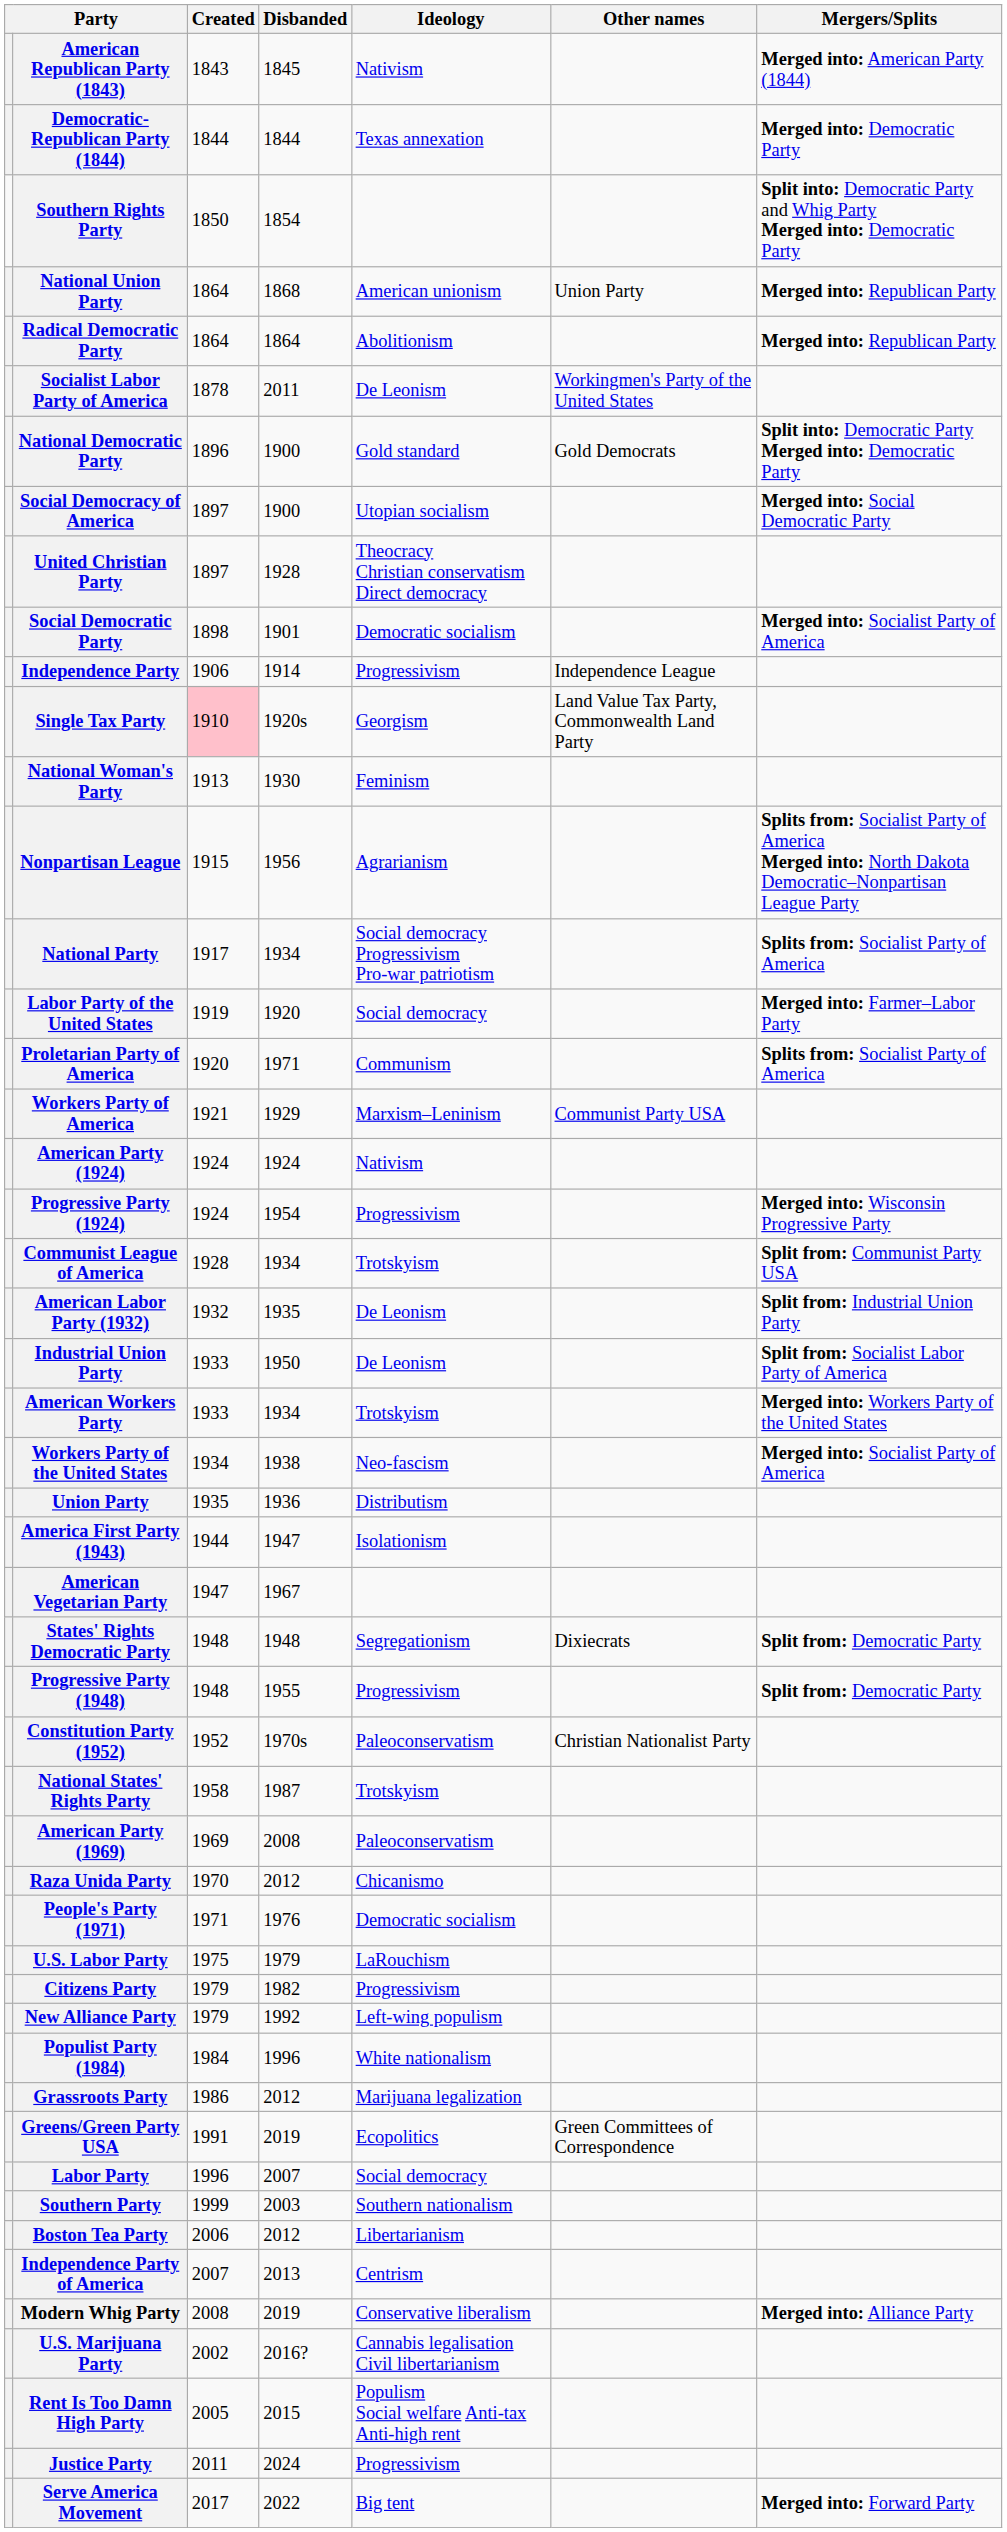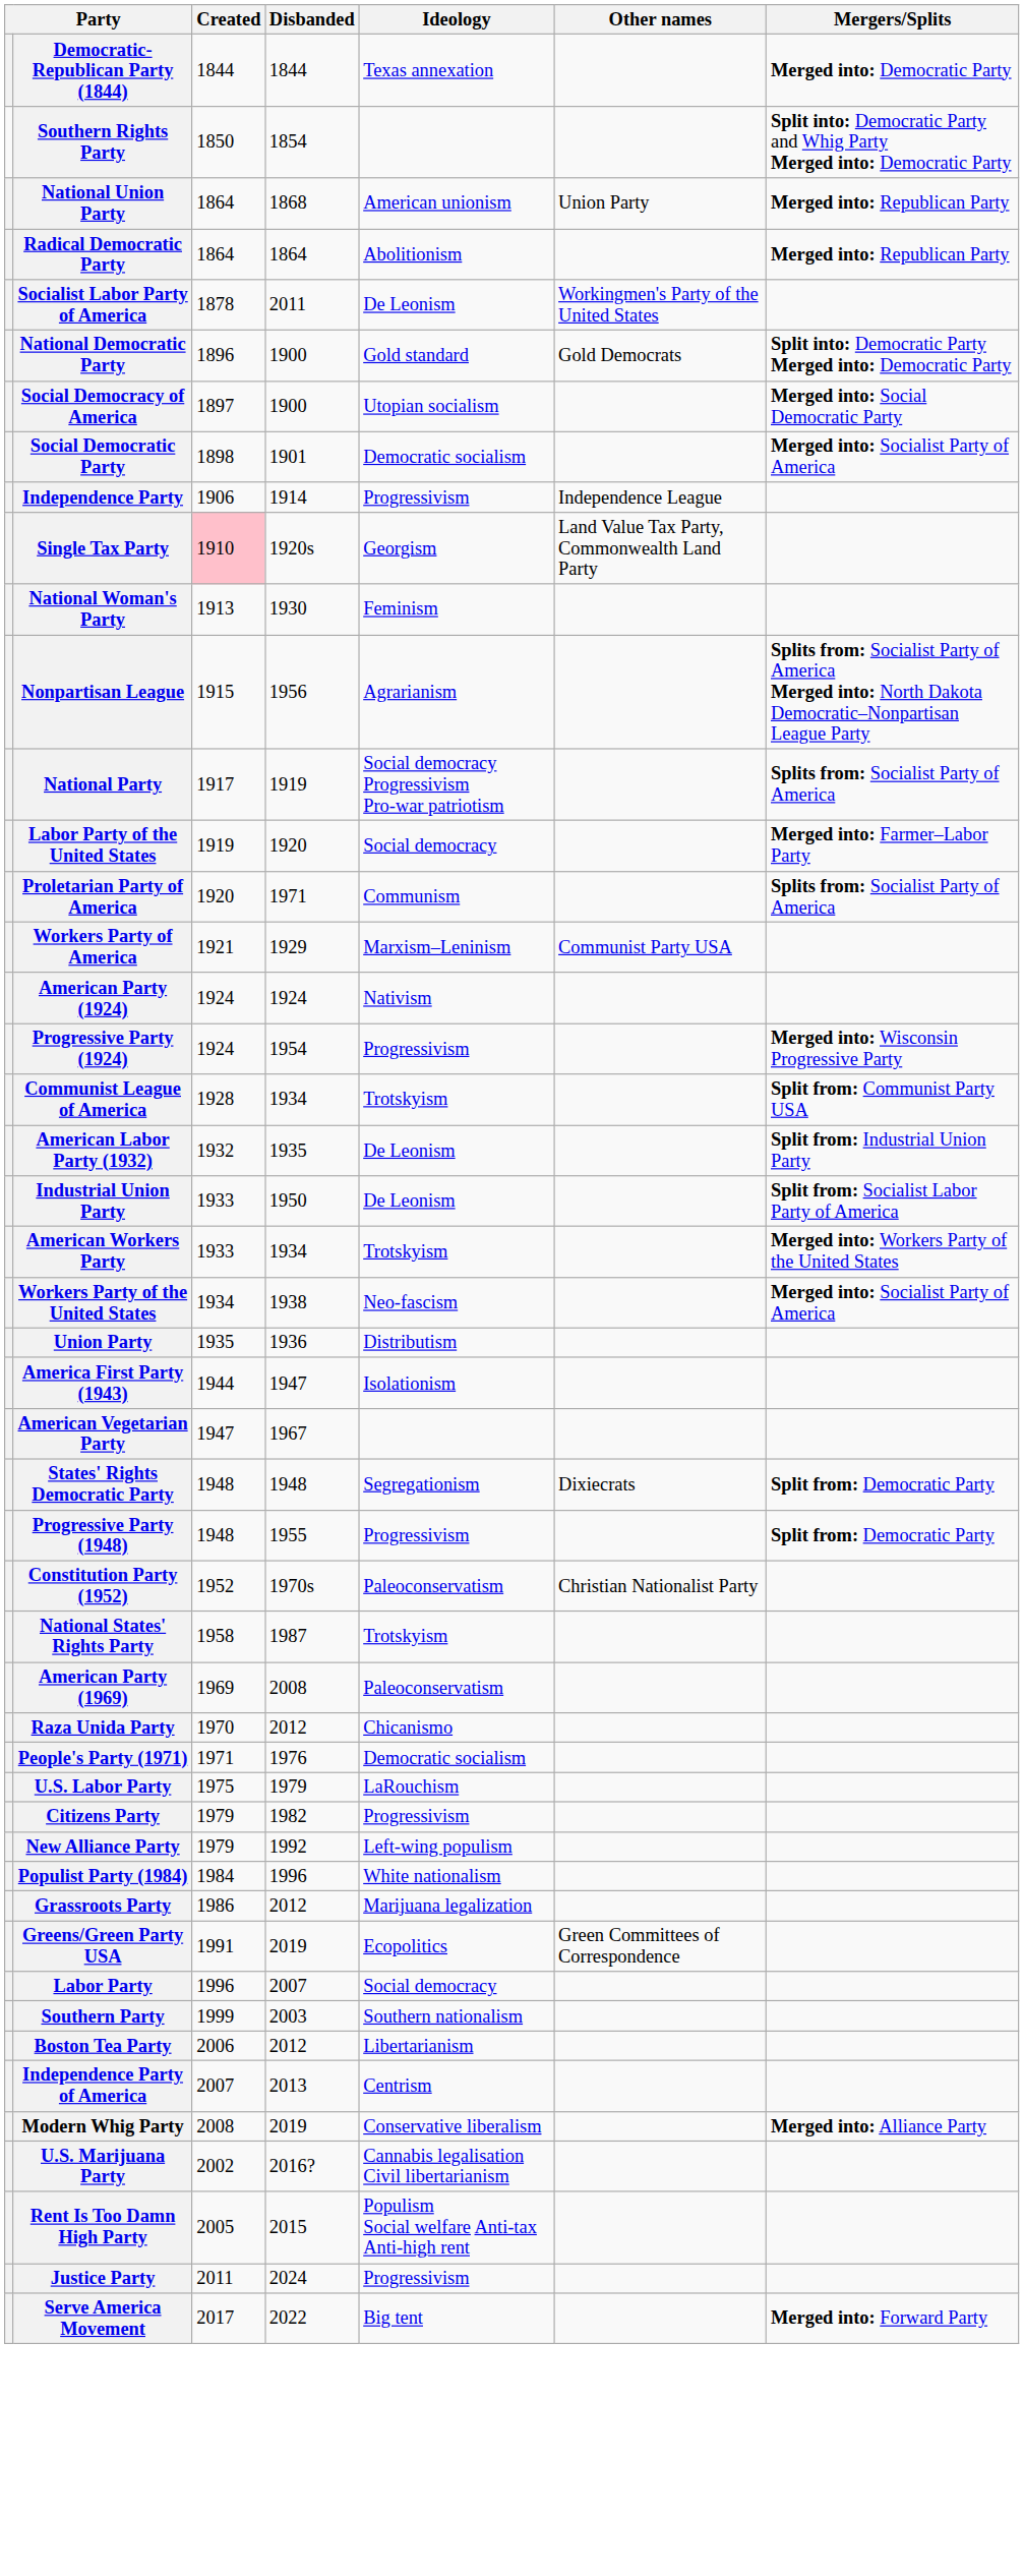 <table class="wikitable sortable plainrowheaders">
 <tr>
 <th scope="col" colspan="2">Party</th>
 <th scope="col">Created</th>
 <th scope="col">Disbanded</th>
 <th scope="col">Ideology</th>
 <th scope="col">Other names</th>
 <th scope="col">Mergers/Splits</th>
-</tr>
-<tr>
-<th style="background-color:"></th>
-<th scope="row"><a href='#'>American Republican Party (1843)</a></th>
-<td>1843</td>
-<td>1845</td>
-<td><a href='#'>Nativism</a></td>
-<td></td>
-<td><strong>Merged into:</strong> <a href='#'>American Party (1844)</a></td>
 </tr>
 <tr>
 <th style="background-color:"></th>
 <th scope="row"><a href='#'>Democratic-Republican Party (1844)</a></th>
 <td>1844</td>
 <td>1844</td>
 <td><a href='#'>Texas annexation</a></td>
 <td></td>
 <td><strong>Merged into:</strong> <a href='#'>Democratic Party</a></td>
 </tr>
 <tr>
 <td style="background-color:"></td>
 <th scope="row"><a href='#'>Southern Rights Party</a></th>
 <td>1850</td>
 <td>1854</td>
 <td></td>
 <td></td>
 <td><strong>Split into:</strong> <a href='#'>Democratic Party</a> and <a href='#'>Whig Party</a><br><strong>Merged into:</strong> <a href='#'>Democratic Party</a></td>
 </tr>
 <tr>
 <th style="background-color:"></th>
 <th scope="row"><a href='#'>National Union Party</a></th>
 <td>1864</td>
 <td>1868</td>
 <td><a href='#'>American unionism</a></td>
 <td>Union Party</td>
 <td><strong>Merged into:</strong> <a href='#'>Republican Party</a></td>
 </tr>
 <tr>
 <th style="background-color:"></th>
 <th scope="row"><a href='#'>Radical Democratic Party</a></th>
 <td>1864</td>
 <td>1864</td>
 <td><a href='#'>Abolitionism</a></td>
 <td></td>
 <td><strong>Merged into:</strong> <a href='#'>Republican Party</a></td>
 </tr>
 <tr>
 <th style="background-color:"></th>
 <th scope="row"><a href='#'>Socialist Labor Party of America</a></th>
 <td>1878</td>
 <td>2011</td>
 <td><a href='#'>De Leonism</a></td>
 <td><a href='#'>Workingmen's Party of the United States</a></td>
 <td></td>
 </tr>
 <tr>
 <th style="background-color:"></th>
 <th scope="row"><a href='#'>National Democratic Party</a></th>
 <td>1896</td>
 <td>1900</td>
 <td><a href='#'>Gold standard</a></td>
 <td>Gold Democrats</td>
 <td><strong>Split into:</strong> <a href='#'>Democratic Party</a><br><strong>Merged into:</strong> <a href='#'>Democratic Party</a></td>
 </tr>
 <tr>
 <th style="background-color:"></th>
 <th scope="row"><a href='#'>Social Democracy of America</a></th>
 <td>1897</td>
 <td>1900</td>
 <td><a href='#'>Utopian socialism</a></td>
 <td></td>
 <td><strong>Merged into:</strong> <a href='#'>Social Democratic Party</a></td>
 </tr>
 <tr>
 <th style="background-color:"></th>
-<th scope="row"><a href='#'>United Christian Party</a></th>
-<td>1897</td>
-<td>1928</td>
-<td><a href='#'>Theocracy</a><br><a href='#'>Christian conservatism</a> <a href='#'>Direct democracy</a></td>
-<td></td>
-<td></td>
-</tr>
-<tr>
-<th style="background-color:"></th>
 <th scope="row"><a href='#'>Social Democratic Party</a></th>
 <td>1898</td>
 <td>1901</td>
 <td><a href='#'>Democratic socialism</a></td>
 <td></td>
 <td><strong>Merged into:</strong> <a href='#'>Socialist Party of America</a></td>
 </tr>
 <tr>
 <th style="background-color:"></th>
 <th scope="row"><a href='#'>Independence Party</a></th>
 <td>1906</td>
 <td>1914</td>
 <td><a href='#'>Progressivism</a></td>
 <td>Independence League</td>
 <td></td>
 </tr>
 <tr>
 <th style="background-color:"></th>
 <th scope="row"><a href='#'>Single Tax Party</a></th>
 <td style="background: pink;">1910</td>
 <td>1920s</td>
 <td><a href='#'>Georgism</a></td>
 <td>Land Value Tax Party, Commonwealth Land Party</td>
 <td></td>
 </tr>
 <tr>
 <th style="background-color:"></th>
 <th scope="row"><a href='#'>National Woman's Party</a></th>
 <td>1913</td>
 <td>1930</td>
 <td><a href='#'>Feminism</a></td>
 <td></td>
 <td></td>
 </tr>
 <tr>
 <th style="background-color:"></th>
 <th scope="row"><a href='#'>Nonpartisan League</a></th>
 <td>1915</td>
 <td>1956</td>
 <td><a href='#'>Agrarianism</a></td>
 <td></td>
 <td><strong>Splits from:</strong> <a href='#'>Socialist Party of America</a><br><strong>Merged into:</strong> <a href='#'>North Dakota Democratic–Nonpartisan League Party</a></td>
 </tr>
 <tr>
 <th style="background-color:"></th>
 <th scope="row"><a href='#'>National Party</a></th>
 <td>1917</td>
-<td>1934</td>
+<td>1919</td>
 <td><a href='#'>Social democracy</a><br><a href='#'>Progressivism</a><br><a href='#'>Pro-war patriotism</a></td>
 <td></td>
 <td><strong>Splits from:</strong> <a href='#'>Socialist Party of America</a></td>
 </tr>
 <tr>
 <th style="background-color:"></th>
 <th scope="row"><a href='#'>Labor Party of the United States</a></th>
 <td>1919</td>
 <td>1920</td>
 <td><a href='#'>Social democracy</a></td>
 <td></td>
 <td><strong>Merged into:</strong> <a href='#'>Farmer–Labor Party</a></td>
 </tr>
 <tr>
 <th style="background-color:"></th>
 <th scope="row"><a href='#'>Proletarian Party of America</a></th>
 <td>1920</td>
 <td>1971</td>
 <td><a href='#'>Communism</a></td>
 <td></td>
 <td><strong>Splits from:</strong> <a href='#'>Socialist Party of America</a></td>
 </tr>
 <tr>
 <th style="background-color:"></th>
 <th scope="row"><a href='#'>Workers Party of America</a></th>
 <td>1921</td>
 <td>1929</td>
 <td><a href='#'>Marxism–Leninism</a></td>
 <td><a href='#'>Communist Party USA</a></td>
 <td></td>
 </tr>
 <tr>
 <th style="background-color:"></th>
 <th scope="row"><a href='#'>American Party (1924)</a></th>
 <td>1924</td>
 <td>1924</td>
 <td><a href='#'>Nativism</a></td>
 <td></td>
 <td></td>
 </tr>
 <tr>
 <th style="background-color:"></th>
 <th scope="row"><a href='#'>Progressive Party (1924)</a></th>
 <td>1924</td>
 <td>1954</td>
 <td><a href='#'>Progressivism</a></td>
 <td></td>
 <td><strong>Merged into:</strong>	<a href='#'>Wisconsin Progressive Party</a></td>
 </tr>
 <tr>
 <th style="background-color:"></th>
 <th scope="row"><a href='#'>Communist League of America</a></th>
 <td>1928</td>
 <td>1934</td>
 <td><a href='#'>Trotskyism</a></td>
 <td></td>
 <td><strong>Split from:</strong> <a href='#'>Communist Party USA</a></td>
 </tr>
 <tr>
 <th style="background-color:"></th>
 <th scope="row"><a href='#'>American Labor Party (1932)</a></th>
 <td>1932</td>
 <td>1935</td>
 <td><a href='#'>De Leonism</a></td>
 <td></td>
 <td><strong>Split from:</strong> <a href='#'>Industrial Union Party</a></td>
 </tr>
 <tr>
 <th style="background-color:"></th>
 <th scope="row"><a href='#'>Industrial Union Party</a></th>
 <td>1933</td>
 <td>1950</td>
 <td><a href='#'>De Leonism</a></td>
 <td></td>
 <td><strong>Split from:</strong> <a href='#'>Socialist Labor Party of America</a></td>
 </tr>
 <tr>
 <th style="background-color:"></th>
 <th scope="row"><a href='#'>American Workers Party</a></th>
 <td>1933</td>
 <td>1934</td>
 <td><a href='#'>Trotskyism</a></td>
 <td></td>
 <td><strong>Merged into:</strong> <a href='#'>Workers Party of the United States</a></td>
 </tr>
 <tr>
 <th style="background-color:"></th>
 <th scope="row"><a href='#'>Workers Party of the United States</a></th>
 <td>1934</td>
 <td>1938</td>
 <td><a href='#'>Neo-fascism</a></td>
 <td></td>
 <td><strong>Merged into:</strong> <a href='#'>Socialist Party of America</a></td>
 </tr>
 <tr>
 <th style="background-color:"></th>
 <th scope="row"><a href='#'>Union Party</a></th>
 <td>1935</td>
 <td>1936</td>
 <td><a href='#'>Distributism</a></td>
 <td></td>
 <td></td>
 </tr>
 <tr>
 <th style="background-color:"></th>
 <th scope="row"><a href='#'>America First Party (1943)</a></th>
 <td>1944</td>
 <td>1947</td>
 <td><a href='#'>Isolationism</a></td>
 <td></td>
 <td></td>
 </tr>
 <tr>
 <th style="background-color:"></th>
 <th scope="row"><a href='#'>American Vegetarian Party</a></th>
 <td>1947</td>
 <td>1967</td>
 <td></td>
 <td></td>
 <td></td>
 </tr>
 <tr>
 <th style="background-color:"></th>
 <th scope="row"><a href='#'>States' Rights Democratic Party</a></th>
 <td>1948</td>
 <td>1948</td>
 <td><a href='#'>Segregationism</a></td>
 <td>Dixiecrats</td>
 <td><strong>Split from:</strong> <a href='#'>Democratic Party</a></td>
 </tr>
 <tr>
 <th style="background-color:"></th>
 <th scope="row"><a href='#'>Progressive Party (1948)</a></th>
 <td>1948</td>
 <td>1955</td>
 <td><a href='#'>Progressivism</a></td>
 <td></td>
 <td><strong>Split from:</strong> <a href='#'>Democratic Party</a></td>
 </tr>
 <tr>
 <th style="background-color:"></th>
 <th scope="row"><a href='#'>Constitution Party (1952)</a></th>
 <td>1952</td>
 <td>1970s</td>
 <td><a href='#'>Paleoconservatism</a></td>
 <td>Christian Nationalist Party</td>
 <td></td>
 </tr>
 <tr>
 <th style="background-color:"></th>
 <th scope="row"><a href='#'>National States' Rights Party</a></th>
 <td>1958</td>
 <td>1987</td>
 <td><a href='#'>Trotskyism</a></td>
 <td></td>
 <td></td>
 </tr>
 <tr>
 <th style="background-color:"></th>
 <th scope="row"><a href='#'>American Party (1969)</a></th>
 <td>1969</td>
 <td>2008</td>
 <td><a href='#'>Paleoconservatism</a></td>
 <td></td>
 <td></td>
 </tr>
 <tr>
 <th style="background-color:"></th>
 <th scope="row"><a href='#'>Raza Unida Party</a></th>
 <td>1970</td>
 <td>2012</td>
 <td><a href='#'>Chicanismo</a></td>
 <td></td>
 <td></td>
 </tr>
 <tr>
 <th style="background-color:"></th>
 <th scope="row"><a href='#'>People's Party (1971)</a></th>
 <td>1971</td>
 <td>1976</td>
 <td><a href='#'>Democratic socialism</a></td>
 <td></td>
 <td></td>
 </tr>
 <tr>
 <th style="background-color:"></th>
 <th scope="row"><a href='#'>U.S. Labor Party</a></th>
 <td>1975</td>
 <td>1979</td>
 <td><a href='#'>LaRouchism</a></td>
 <td></td>
 <td></td>
 </tr>
 <tr>
 <th style="background-color:"></th>
 <th scope="row"><a href='#'>Citizens Party</a></th>
 <td>1979</td>
 <td>1982</td>
 <td><a href='#'>Progressivism</a></td>
 <td></td>
 <td></td>
 </tr>
 <tr>
 <th style="background-color:"></th>
 <th scope="row"><a href='#'>New Alliance Party</a></th>
 <td>1979</td>
 <td>1992</td>
 <td><a href='#'>Left-wing populism</a></td>
 <td></td>
 <td></td>
 </tr>
 <tr>
 <th style="background-color:"></th>
 <th scope="row"><a href='#'>Populist Party (1984)</a></th>
 <td>1984</td>
 <td>1996</td>
 <td><a href='#'>White nationalism</a></td>
 <td></td>
 <td></td>
 </tr>
 <tr>
 <th style="background-color:"></th>
 <th scope="row"><a href='#'>Grassroots Party</a></th>
 <td>1986</td>
 <td>2012</td>
 <td><a href='#'>Marijuana legalization</a></td>
 <td></td>
 <td></td>
 </tr>
 <tr>
 <th style="background-color:"></th>
 <th scope="row"><a href='#'>Greens/Green Party USA</a></th>
 <td>1991</td>
 <td>2019</td>
 <td><a href='#'>Ecopolitics</a></td>
 <td>Green Committees of Correspondence</td>
 <td></td>
 </tr>
 <tr>
 <th style="background-color:"></th>
 <th scope="row"><a href='#'>Labor Party</a></th>
 <td>1996</td>
 <td>2007</td>
 <td><a href='#'>Social democracy</a></td>
 <td></td>
 <td></td>
 </tr>
 <tr>
 <th style="background-color:"></th>
 <th scope="row"><a href='#'>Southern Party</a></th>
 <td>1999</td>
 <td>2003</td>
 <td><a href='#'>Southern nationalism</a></td>
 <td></td>
 <td></td>
 </tr>
 <tr>
 <th style="background-color:"></th>
 <th scope="row"><a href='#'>Boston Tea Party</a></th>
 <td>2006</td>
 <td>2012</td>
 <td><a href='#'>Libertarianism</a></td>
 <td></td>
 <td></td>
 </tr>
 <tr>
 <th style="background-color:"></th>
 <th scope="row"><a href='#'>Independence Party of America</a></th>
 <td>2007</td>
 <td>2013</td>
 <td><a href='#'>Centrism</a></td>
 <td></td>
 <td></td>
 </tr>
 <tr>
 <th style="background-color:"></th>
 <th scope="row">Modern Whig Party</th>
 <td>2008</td>
 <td>2019</td>
 <td><a href='#'>Conservative liberalism</a></td>
 <td></td>
 <td><strong>Merged into:</strong> <a href='#'>Alliance Party</a></td>
 </tr>
 <tr>
 <th style="background-color:"></th>
 <th scope="row"><a href='#'>U.S. Marijuana Party</a></th>
 <td>2002</td>
 <td>2016?</td>
 <td><a href='#'>Cannabis legalisation</a><br><a href='#'>Civil libertarianism</a></td>
 <td></td>
 <td></td>
 </tr>
 <tr>
 <th style="background-color:"></th>
 <th scope="row"><a href='#'>Rent Is Too Damn High Party</a></th>
 <td>2005</td>
 <td>2015</td>
 <td><a href='#'>Populism</a><br><a href='#'>Social welfare</a> <a href='#'>Anti-tax</a> <a href='#'>Anti-high rent</a></td>
 <td></td>
 <td></td>
 </tr>
 <tr>
 <th style="background-color:"></th>
 <th scope="row"><a href='#'>Justice Party</a></th>
 <td>2011</td>
 <td>2024</td>
 <td><a href='#'>Progressivism</a></td>
 <td></td>
 <td></td>
 </tr>
 <tr>
 <th style="background-color:"></th>
 <th scope="row"><a href='#'>Serve America Movement</a></th>
 <td>2017</td>
 <td>2022</td>
 <td><a href='#'>Big tent</a></td>
 <td></td>
 <td><strong>Merged into:</strong> <a href='#'>Forward Party</a></td>
 </tr>
 </table>
